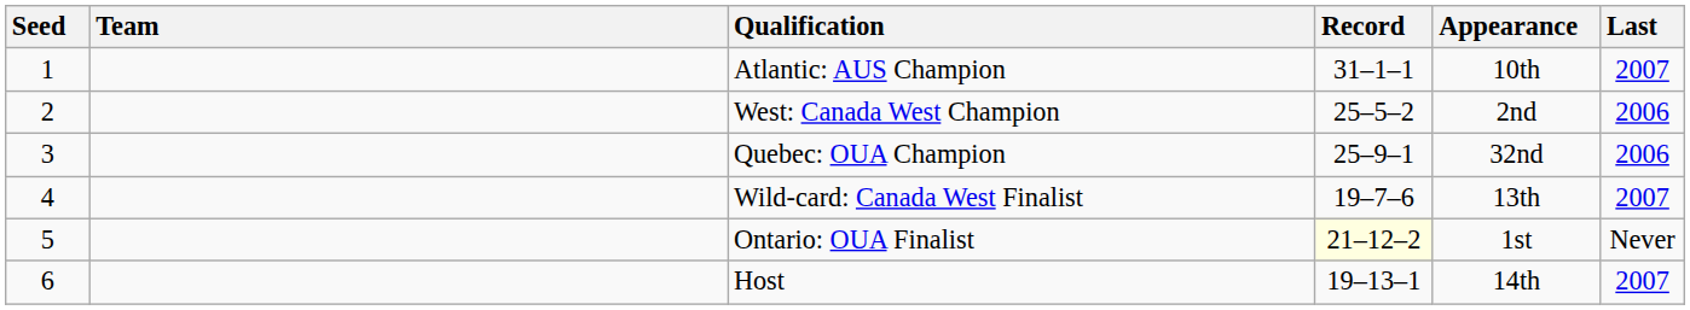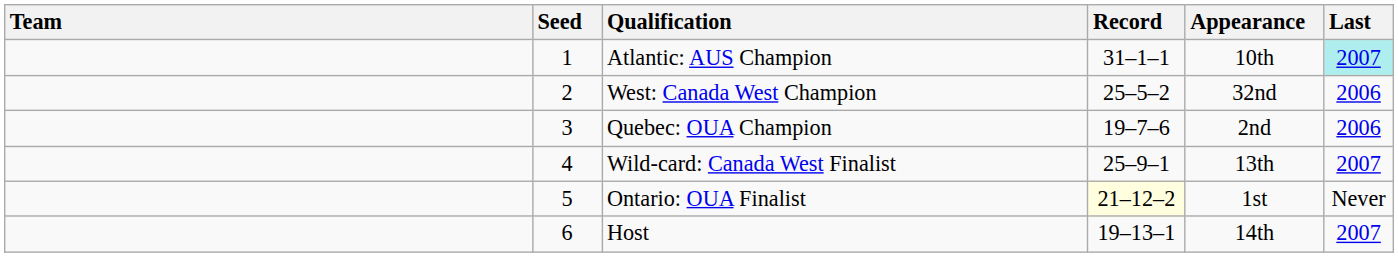 <table class="wikitable sortable" style="text-align: center;" width=1000>
 <tr style="background:#efefef; text-align:center">
+<th style="text-align:left" width=38%>Team</th>
 <th style="text-align:left" width=5%>Seed</th>
-<th style="text-align:left" width=38%>Team</th>
 <th style="text-align:left" width=35%>Qualification</th>
 <th style="text-align:left" width=7%>Record</th>
 <th style="text-align:left" width=10%>Appearance</th>
 <th style="text-align:left" width=6%>Last</th>
 </tr>
 <tr style="text-align:center">
+<td style="text-align:left; "><a href='#'></a></td>
 <td style="text-align:center">1</td>
-<td style="text-align:left; "><a href='#'></a></td>
 <td style="text-align:left">Atlantic: <a href='#'>AUS</a> Champion</td>
 <td style="text-align:center">31–1–1</td>
 <td style=center>10th</td>
-<td style="text-align:center"><a href='#'>2007</a></td>
+<td style="background: paleturquoise; text-align:center"><a href='#'>2007</a></td>
 </tr>
 <tr style="text-align:center">
+<td style="text-align:left; "><a href='#'></a></td>
 <td style="text-align:center">2</td>
-<td style="text-align:left; "><a href='#'></a></td>
 <td style="text-align:left">West: <a href='#'>Canada West</a> Champion</td>
 <td style="text-align:center">25–5–2</td>
+<td style=center>32nd</td>
+<td style="text-align:center"><a href='#'>2006</a></td>
+</tr>
+<tr style="text-align:center">
+<td style="text-align:left; "><a href='#'></a></td>
+<td style="text-align:center">3</td>
+<td style="text-align:left">Quebec: <a href='#'>OUA</a> Champion</td>
+<td style="text-align:center">19–7–6</td>
 <td style=center>2nd</td>
 <td style="text-align:center"><a href='#'>2006</a></td>
 </tr>
 <tr style="text-align:center">
-<td style="text-align:center">3</td>
 <td style="text-align:left; "><a href='#'></a></td>
-<td style="text-align:left">Quebec: <a href='#'>OUA</a> Champion</td>
+<td style="text-align:center">4</td>
+<td style="text-align:left">Wild-card: <a href='#'>Canada West</a> Finalist</td>
 <td style="text-align:center">25–9–1</td>
-<td style=center>32nd</td>
-<td style="text-align:center"><a href='#'>2006</a></td>
-</tr>
-<tr style="text-align:center">
-<td style="text-align:center">4</td>
-<td style="text-align:left; "><a href='#'></a></td>
-<td style="text-align:left">Wild-card: <a href='#'>Canada West</a> Finalist</td>
-<td style="text-align:center">19–7–6</td>
 <td style=center>13th</td>
 <td style="text-align:center"><a href='#'>2007</a></td>
 </tr>
 <tr style="text-align:center">
+<td style="text-align:left; "><a href='#'></a></td>
 <td style="text-align:center">5</td>
-<td style="text-align:left; "><a href='#'></a></td>
 <td style="text-align:left">Ontario: <a href='#'>OUA</a> Finalist</td>
 <td style="background: lightyellow; text-align:center">21–12–2</td>
 <td style=center>1st</td>
 <td style="text-align:center">Never</td>
 </tr>
 <tr style="text-align:center">
+<td style="text-align:left; "><a href='#'></a></td>
 <td style="text-align:center">6</td>
-<td style="text-align:left; "><a href='#'></a></td>
 <td style="text-align:left">Host</td>
 <td style="text-align:center">19–13–1</td>
 <td style=center>14th</td>
 <td style="text-align:center"><a href='#'>2007</a></td>
 </tr>
 </table>
